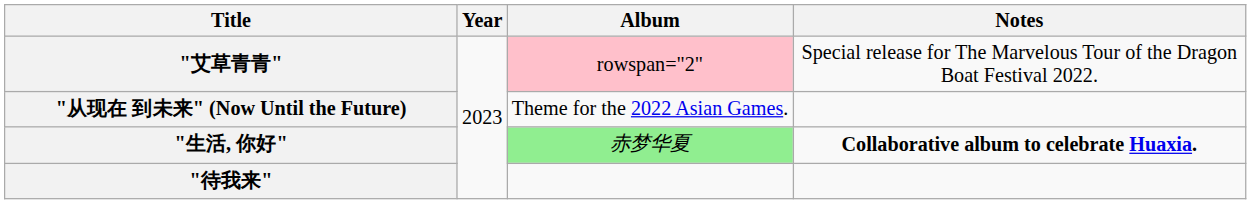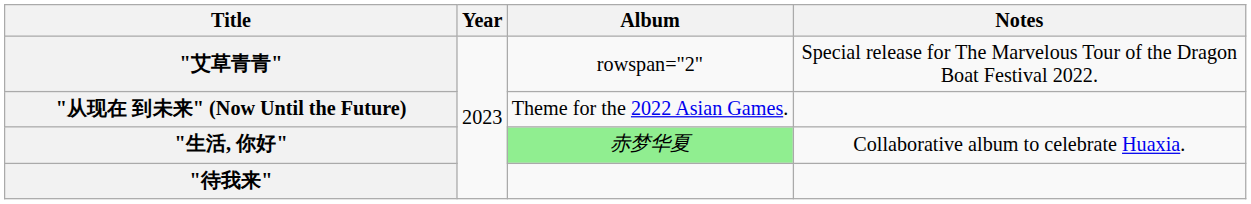 <table class="wikitable plainrowheaders" style="text-align:center;">
 <tr>
 <th scope="col" style="width:22em;">Title</th>
 <th scope="col">Year</th>
 <th scope="col">Album</th>
 <th scope="col" style="width:22em">Notes</th>
 </tr>
 <tr>
 <th scope="row">"艾草青青"</th>
 <td rowspan="4">2023</td>
-<td style="background: pink;">rowspan="2" </td>
+<td>rowspan="2" </td>
 <td>Special release for The Marvelous Tour of the Dragon Boat Festival 2022.</td>
 </tr>
 <tr>
 <th scope="row">"从现在 到未来" (Now Until the Future)<br></th>
 <td>Theme for the <a href='#'>2022 Asian Games</a>.</td>
 </tr>
 <tr>
 <th scope="row">"生活, 你好"</th>
 <td style="background: lightgreen;"><em>赤梦华夏</em></td>
-<td><strong>Collaborative album to celebrate <a href='#'>Huaxia</a>.</strong></td>
+<td>Collaborative album to celebrate <a href='#'>Huaxia</a>.</td>
 </tr>
 <tr>
 <th scope="row">"待我来"</th>
 <td></td>
 <td></td>
 </tr>
 </table>
